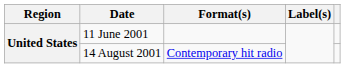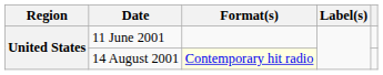 <table class="wikitable plainrowheaders">
 <tr>
 <th scope="col">Region</th>
 <th scope="col">Date</th>
 <th scope="col">Format(s)</th>
 <th scope="col">Label(s)</th>
 <th scope="col"></th>
 </tr>
 <tr>
 <th scope="row" rowspan="2">United States</th>
 <td>11 June 2001</td>
 <td></td>
 <td rowspan="2"></td>
 <td></td>
 </tr>
 <tr>
 <td>14 August 2001</td>
-<td><a href='#'>Contemporary hit radio</a></td>
+<td style="background: lightyellow;"><a href='#'>Contemporary hit radio</a></td>
 <td></td>
 </tr>
 </table>
